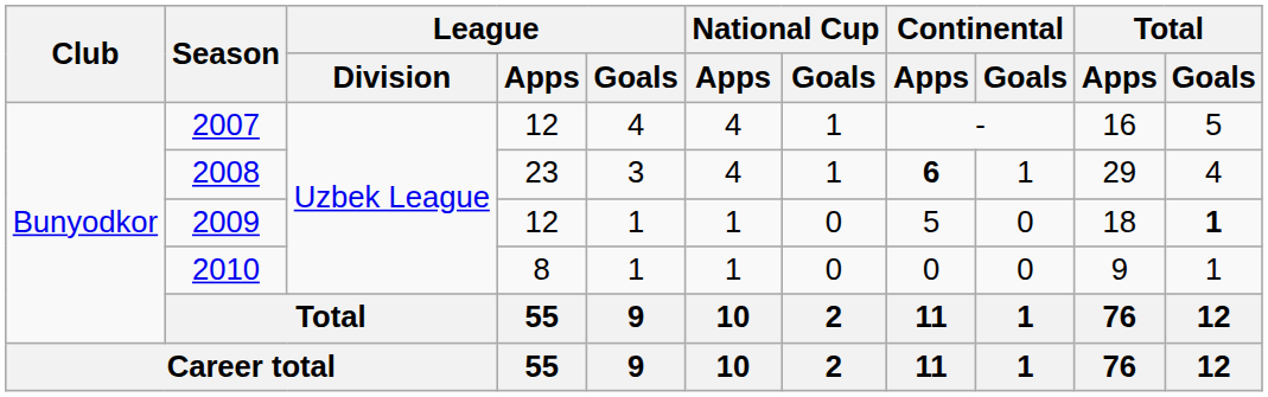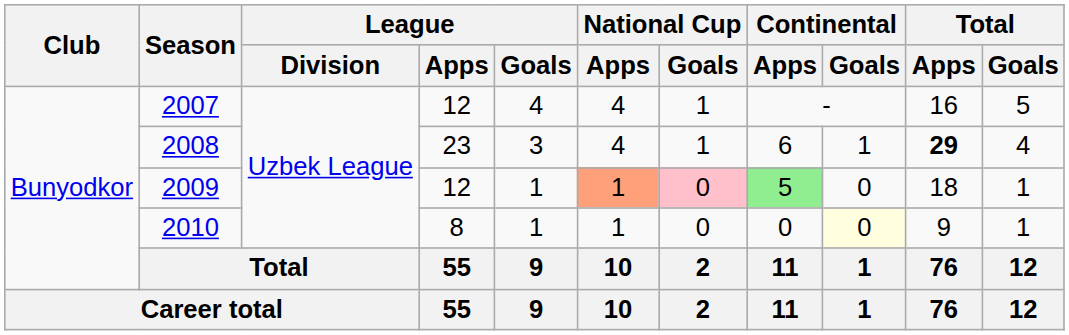 <table class="wikitable" style="text-align: center;">
 <tr>
 <th rowspan="2">Club</th>
 <th rowspan="2">Season</th>
 <th colspan="3">League</th>
 <th colspan="2">National Cup</th>
 <th colspan="2">Continental</th>
 <th colspan="2">Total</th>
 </tr>
 <tr>
 <th>Division</th>
 <th>Apps</th>
 <th>Goals</th>
 <th>Apps</th>
 <th>Goals</th>
 <th>Apps</th>
 <th>Goals</th>
 <th>Apps</th>
 <th>Goals</th>
 </tr>
 <tr>
 <td rowspan="5" valign="center"><a href='#'>Bunyodkor</a></td>
 <td><a href='#'>2007</a></td>
 <td rowspan="4" valign="center"><a href='#'>Uzbek League</a></td>
 <td>12</td>
 <td>4</td>
 <td>4</td>
 <td>1</td>
 <td colspan="2">-</td>
 <td>16</td>
 <td>5</td>
 </tr>
 <tr>
 <td><a href='#'>2008</a></td>
 <td>23</td>
 <td>3</td>
 <td>4</td>
 <td>1</td>
-<td><strong>6</strong></td>
+<td>6</td>
 <td>1</td>
-<td>29</td>
+<td><strong>29</strong></td>
 <td>4</td>
 </tr>
 <tr>
 <td><a href='#'>2009</a></td>
 <td>12</td>
 <td>1</td>
-<td>1</td>
-<td>0</td>
-<td>5</td>
+<td style="background: lightsalmon;">1</td>
+<td style="background: pink;">0</td>
+<td style="background: lightgreen;">5</td>
 <td>0</td>
 <td>18</td>
-<td><strong>1</strong></td>
+<td>1</td>
 </tr>
 <tr>
 <td><a href='#'>2010</a></td>
 <td>8</td>
 <td>1</td>
 <td>1</td>
 <td>0</td>
 <td>0</td>
-<td>0</td>
+<td style="background: lightyellow;">0</td>
 <td>9</td>
 <td>1</td>
 </tr>
 <tr>
 <th colspan="2">Total</th>
 <th>55</th>
 <th>9</th>
 <th>10</th>
 <th>2</th>
 <th>11</th>
 <th>1</th>
 <th>76</th>
 <th>12</th>
 </tr>
 <tr>
 <th colspan="3">Career total</th>
 <th>55</th>
 <th>9</th>
 <th>10</th>
 <th>2</th>
 <th>11</th>
 <th>1</th>
 <th>76</th>
 <th>12</th>
 </tr>
 </table>
